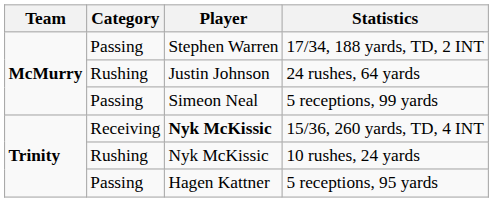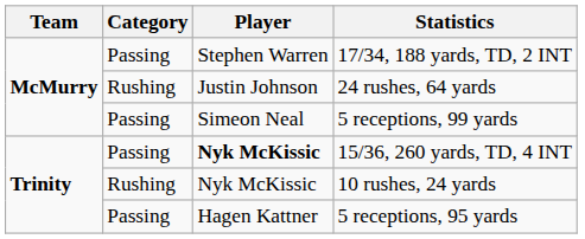 <table class="wikitable" style="float: left;">
 <tr>
 <th>Team</th>
 <th>Category</th>
 <th>Player</th>
 <th>Statistics</th>
 </tr>
 <tr>
 <td rowspan=3><strong>McMurry</strong></td>
 <td>Passing</td>
 <td>Stephen Warren</td>
 <td>17/34, 188 yards, TD, 2 INT</td>
 </tr>
 <tr>
 <td>Rushing</td>
 <td>Justin Johnson</td>
 <td>24 rushes, 64 yards</td>
 </tr>
 <tr>
 <td>Passing</td>
 <td>Simeon Neal</td>
 <td>5 receptions,  99 yards</td>
 </tr>
 <tr>
 <td rowspan=3><strong>Trinity</strong></td>
-<td>Receiving</td>
+<td>Passing</td>
 <td><strong>Nyk McKissic</strong></td>
 <td>15/36, 260 yards, TD, 4 INT</td>
 </tr>
 <tr>
 <td>Rushing</td>
 <td>Nyk McKissic</td>
 <td>10 rushes, 24 yards</td>
 </tr>
 <tr>
 <td>Passing</td>
 <td>Hagen Kattner</td>
 <td>5 receptions, 95 yards</td>
 </tr>
 </table>
